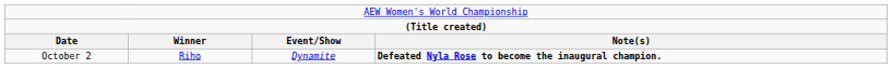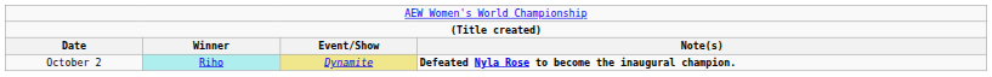 <table class="wikitable" style="text-align:center; width:100%;">
 <tr>
 <td colspan="4" style="text-align: center;"><a href='#'>AEW Women's World Championship</a></td>
 </tr>
 <tr>
 <td colspan="4" style="text-align: center;"><strong>(Title created)</strong></td>
 </tr>
 <tr>
 <th width=14%>Date</th>
 <th width=14%>Winner</th>
 <th width=14%>Event/Show</th>
 <th width=58%>Note(s)</th>
 </tr>
 <tr>
 <td>October 2</td>
-<td><a href='#'>Riho</a></td>
-<td><em><a href='#'>Dynamite</a></em></td>
+<td style="background: paleturquoise;"><a href='#'>Riho</a></td>
+<td style="background: khaki;"><em><a href='#'>Dynamite</a></em></td>
 <td align=left><strong>Defeated <a href='#'>Nyla Rose</a> to become the inaugural champion.</strong></td>
 </tr>
 </table>
